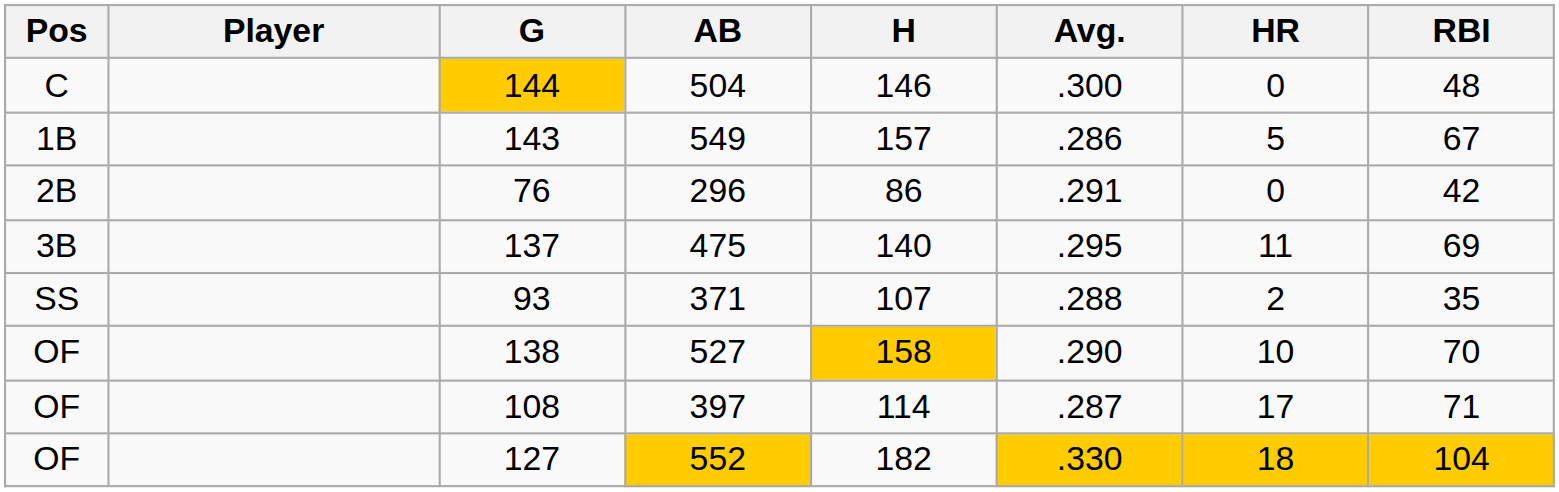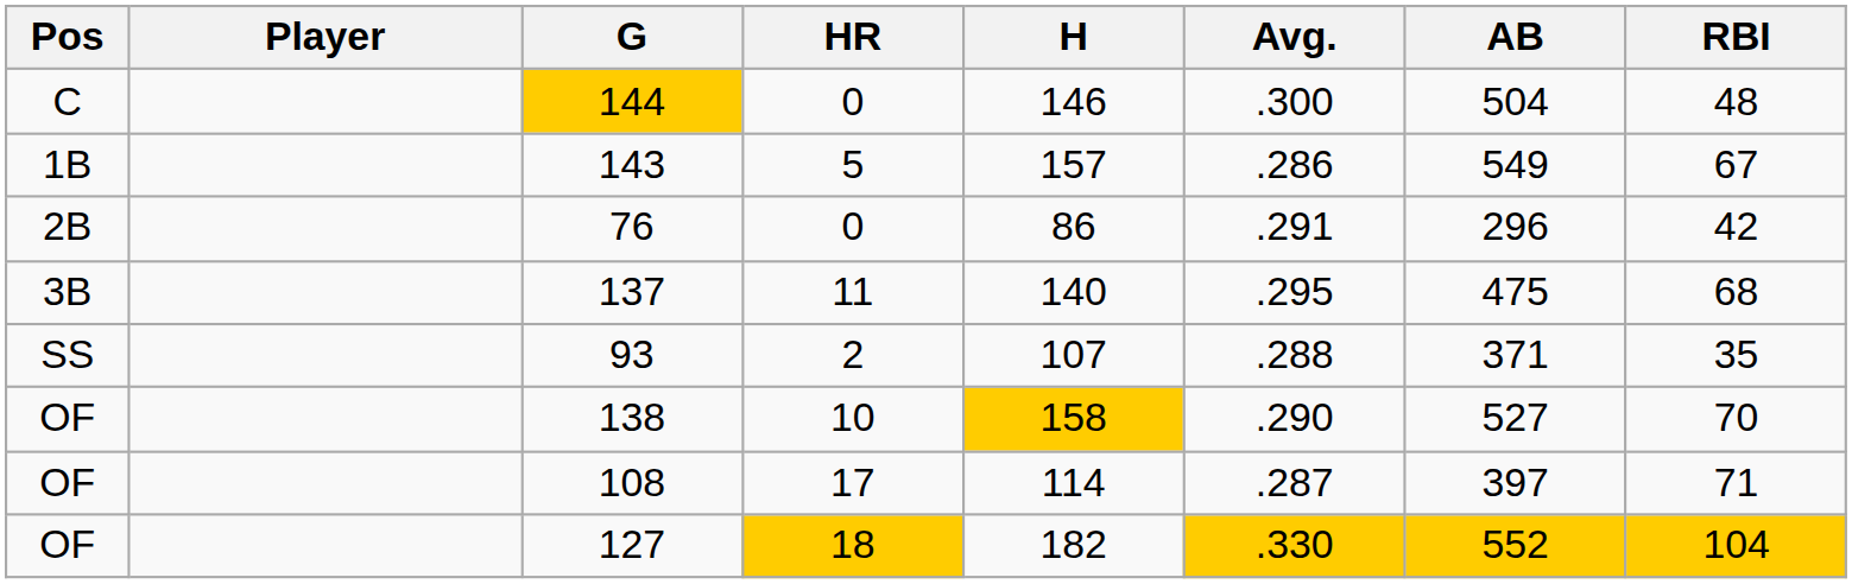 <table class="wikitable sortable">
 <tr>
 <th bgcolor="#DDDDFF" width="5%">Pos</th>
 <th bgcolor="#DDDDFF" width="16%">Player</th>
 <th bgcolor="#DDDDFF" width="9%">G</th>
-<th bgcolor="#DDDDFF" width="9%">AB</th>
+<th bgcolor="#DDDDFF" width="9%">HR</th>
 <th bgcolor="#DDDDFF" width="9%">H</th>
 <th bgcolor="#DDDDFF" width="9%">Avg.</th>
-<th bgcolor="#DDDDFF" width="9%">HR</th>
+<th bgcolor="#DDDDFF" width="9%">AB</th>
 <th bgcolor="#DDDDFF" width="9%">RBI</th>
 </tr>
 <tr align="center">
 <td>C</td>
 <td></td>
 <td style="background:#fc0;">144</td>
-<td>504</td>
+<td>0</td>
 <td>146</td>
 <td>.300</td>
-<td>0</td>
+<td>504</td>
 <td>48</td>
 </tr>
 <tr align="center">
 <td>1B</td>
 <td></td>
 <td>143</td>
-<td>549</td>
+<td>5</td>
 <td>157</td>
 <td>.286</td>
-<td>5</td>
+<td>549</td>
 <td>67</td>
 </tr>
 <tr align="center">
 <td>2B</td>
 <td></td>
 <td>76</td>
-<td>296</td>
+<td>0</td>
 <td>86</td>
 <td>.291</td>
-<td>0</td>
+<td>296</td>
 <td>42</td>
 </tr>
 <tr align="center">
 <td>3B</td>
 <td></td>
 <td>137</td>
-<td>475</td>
+<td>11</td>
 <td>140</td>
 <td>.295</td>
-<td>11</td>
-<td>69</td>
+<td>475</td>
+<td>68</td>
 </tr>
 <tr align="center">
 <td>SS</td>
 <td></td>
 <td>93</td>
-<td>371</td>
+<td>2</td>
 <td>107</td>
 <td>.288</td>
-<td>2</td>
+<td>371</td>
 <td>35</td>
 </tr>
 <tr align="center">
 <td>OF</td>
 <td></td>
 <td>138</td>
-<td>527</td>
+<td>10</td>
 <td style="background:#fc0;">158</td>
 <td>.290</td>
-<td>10</td>
+<td>527</td>
 <td>70</td>
 </tr>
 <tr align="center">
 <td>OF</td>
 <td></td>
 <td>108</td>
-<td>397</td>
+<td>17</td>
 <td>114</td>
 <td>.287</td>
-<td>17</td>
+<td>397</td>
 <td>71</td>
 </tr>
 <tr align="center">
 <td>OF</td>
 <td></td>
 <td>127</td>
-<td style="background:#fc0;">552</td>
+<td style="background:#fc0;">18</td>
 <td>182</td>
 <td style="background:#fc0;">.330</td>
-<td style="background:#fc0;">18</td>
+<td style="background:#fc0;">552</td>
 <td style="background:#fc0;">104</td>
 </tr>
 </table>
